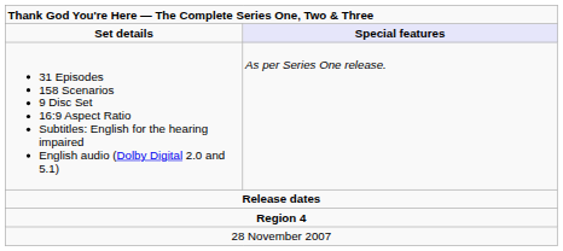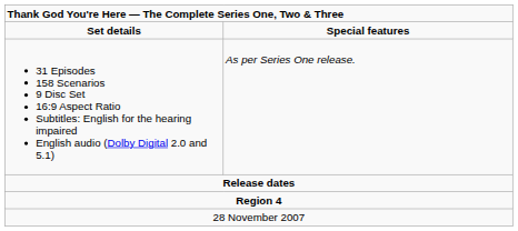 <table class="wikitable" style="font-size: 95%;">
 <tr>
 <td colspan="3"><strong>Thank God You're Here — The Complete Series One, Two & Three</strong></td>
 </tr>
 <tr style="text-align:center;">
 <td style="width:300px; "><strong>Set details</strong></td>
-<td style="background: lavender; width:400px; "><strong>Special features</strong></td>
+<td style="width:400px; "><strong>Special features</strong></td>
 </tr>
 <tr valign="top">
 <td style="text-align:left; width:300px;"><br><ul><li>31 Episodes</li><li>158 Scenarios</li><li>9 Disc Set</li><li>16:9 Aspect Ratio</li><li>Subtitles: English for the hearing impaired</li><li>English audio (<a href='#'>Dolby Digital</a> 2.0 and 5.1)</li></ul></td>
 <td style="text-align:left; width:400px;"><br><em>As per Series One release.</em></td>
 </tr>
 <tr>
 <td colspan="3" style="text-align:center;"><strong>Release dates</strong></td>
 </tr>
 <tr>
 <td colspan="3" style="text-align:center;"><strong>Region 4</strong></td>
 </tr>
 <tr>
 <td colspan="3" style="text-align:center;">28 November 2007</td>
 </tr>
 </table>
